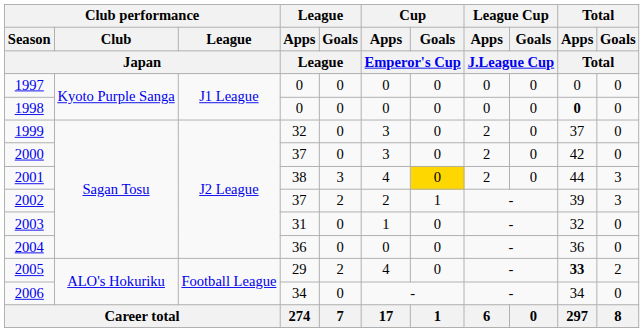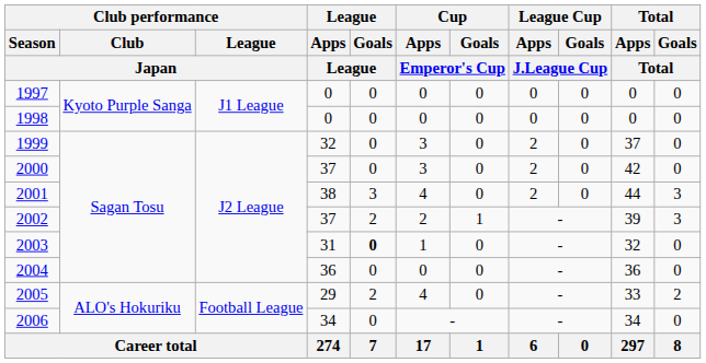 <table class="wikitable" style="text-align:center">
 <tr>
 <th colspan=3>Club performance</th>
 <th colspan=2>League</th>
 <th colspan=2>Cup</th>
 <th colspan=2>League Cup</th>
 <th colspan=2>Total</th>
 </tr>
 <tr>
 <th>Season</th>
 <th>Club</th>
 <th>League</th>
 <th>Apps</th>
 <th>Goals</th>
 <th>Apps</th>
 <th>Goals</th>
 <th>Apps</th>
 <th>Goals</th>
 <th>Apps</th>
 <th>Goals</th>
 </tr>
 <tr>
 <th colspan=3>Japan</th>
 <th colspan=2>League</th>
 <th colspan=2><a href='#'>Emperor's Cup</a></th>
 <th colspan=2><a href='#'>J.League Cup</a></th>
 <th colspan=2>Total</th>
 </tr>
 <tr>
 <td><a href='#'>1997</a></td>
 <td rowspan="2"><a href='#'>Kyoto Purple Sanga</a></td>
 <td rowspan="2"><a href='#'>J1 League</a></td>
 <td>0</td>
 <td>0</td>
 <td>0</td>
 <td>0</td>
 <td>0</td>
 <td>0</td>
 <td>0</td>
 <td>0</td>
 </tr>
 <tr>
 <td><a href='#'>1998</a></td>
 <td>0</td>
 <td>0</td>
 <td>0</td>
 <td>0</td>
 <td>0</td>
 <td>0</td>
-<td><strong>0</strong></td>
+<td>0</td>
 <td>0</td>
 </tr>
 <tr>
 <td><a href='#'>1999</a></td>
 <td rowspan="6"><a href='#'>Sagan Tosu</a></td>
 <td rowspan="6"><a href='#'>J2 League</a></td>
 <td>32</td>
 <td>0</td>
 <td>3</td>
 <td>0</td>
 <td>2</td>
 <td>0</td>
 <td>37</td>
 <td>0</td>
 </tr>
 <tr>
 <td><a href='#'>2000</a></td>
 <td>37</td>
 <td>0</td>
 <td>3</td>
 <td>0</td>
 <td>2</td>
 <td>0</td>
 <td>42</td>
 <td>0</td>
 </tr>
 <tr>
 <td><a href='#'>2001</a></td>
 <td>38</td>
 <td>3</td>
 <td>4</td>
-<td style="background: gold;">0</td>
+<td>0</td>
 <td>2</td>
 <td>0</td>
 <td>44</td>
 <td>3</td>
 </tr>
 <tr>
 <td><a href='#'>2002</a></td>
 <td>37</td>
 <td>2</td>
 <td>2</td>
 <td>1</td>
 <td colspan="2">-</td>
 <td>39</td>
 <td>3</td>
 </tr>
 <tr>
 <td><a href='#'>2003</a></td>
 <td>31</td>
-<td>0</td>
+<td><strong>0</strong></td>
 <td>1</td>
 <td>0</td>
 <td colspan="2">-</td>
 <td>32</td>
 <td>0</td>
 </tr>
 <tr>
 <td><a href='#'>2004</a></td>
 <td>36</td>
 <td>0</td>
 <td>0</td>
 <td>0</td>
 <td colspan="2">-</td>
 <td>36</td>
 <td>0</td>
 </tr>
 <tr>
 <td><a href='#'>2005</a></td>
 <td rowspan="2"><a href='#'>ALO's Hokuriku</a></td>
 <td rowspan="2"><a href='#'>Football League</a></td>
 <td>29</td>
 <td>2</td>
 <td>4</td>
 <td>0</td>
 <td colspan="2">-</td>
-<td><strong>33</strong></td>
+<td>33</td>
 <td>2</td>
 </tr>
 <tr>
 <td><a href='#'>2006</a></td>
 <td>34</td>
 <td>0</td>
 <td colspan="2">-</td>
 <td colspan="2">-</td>
 <td>34</td>
 <td>0</td>
 </tr>
 <tr>
 <th colspan=3>Career total</th>
 <th>274</th>
 <th>7</th>
 <th>17</th>
 <th>1</th>
 <th>6</th>
 <th>0</th>
 <th>297</th>
 <th>8</th>
 </tr>
 </table>
